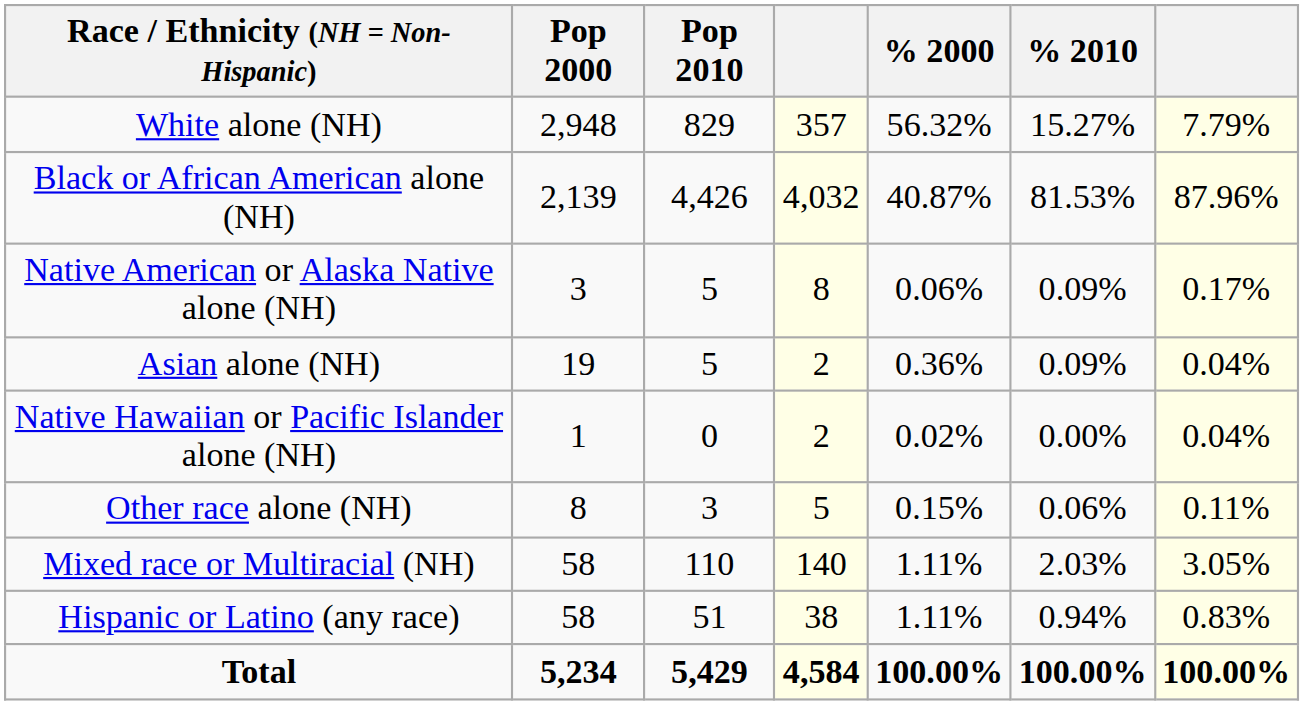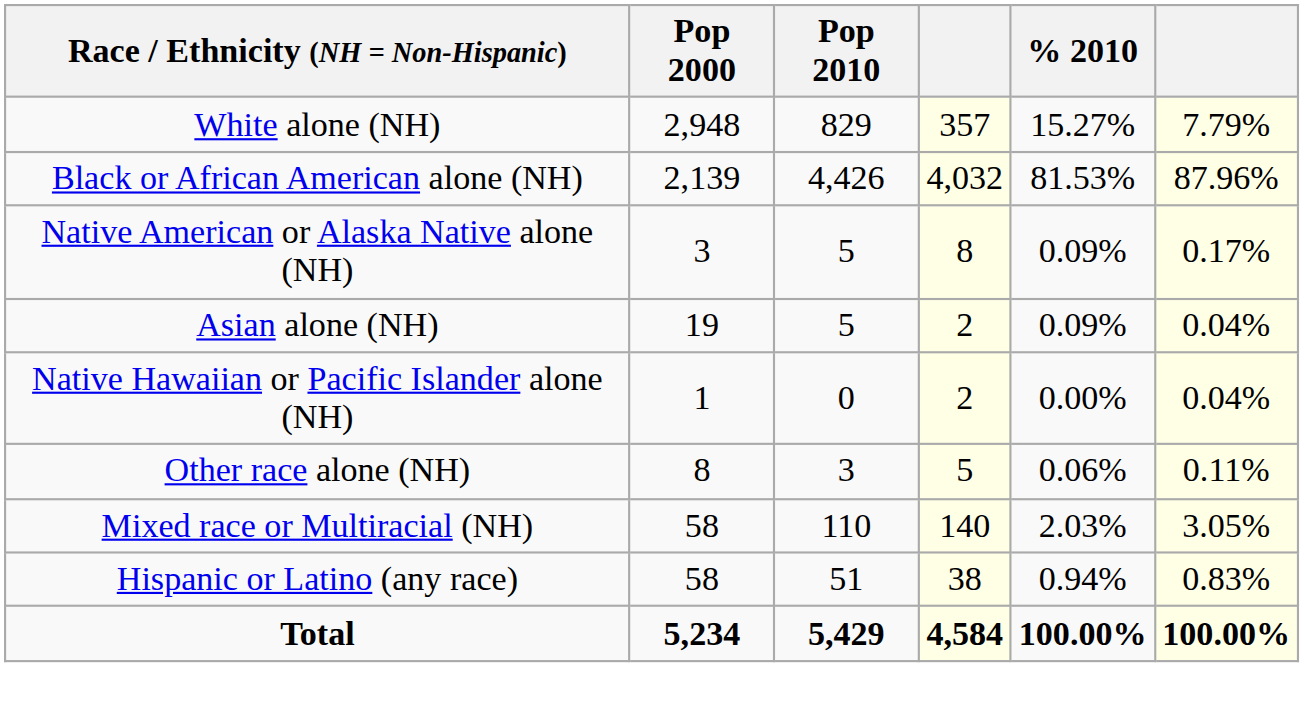 <table class="wikitable" style="text-align:center;">
 <tr>
 <th>Race / Ethnicity <small>(<em>NH = Non-Hispanic</em>)</small></th>
 <th>Pop 2000</th>
 <th>Pop 2010</th>
 <th></th>
-<th>% 2000</th>
 <th>% 2010</th>
 <th></th>
 </tr>
 <tr>
 <td><a href='#'>White</a> alone (NH)</td>
 <td>2,948</td>
 <td>829</td>
 <td style='background: #ffffe6;'>357</td>
-<td>56.32%</td>
 <td>15.27%</td>
 <td style='background: #ffffe6;'>7.79%</td>
 </tr>
 <tr>
 <td><a href='#'>Black or African American</a> alone (NH)</td>
 <td>2,139</td>
 <td>4,426</td>
 <td style='background: #ffffe6;'>4,032</td>
-<td>40.87%</td>
 <td>81.53%</td>
 <td style='background: #ffffe6;'>87.96%</td>
 </tr>
 <tr>
 <td><a href='#'>Native American</a> or <a href='#'>Alaska Native</a> alone (NH)</td>
 <td>3</td>
 <td>5</td>
 <td style='background: #ffffe6;'>8</td>
-<td>0.06%</td>
 <td>0.09%</td>
 <td style='background: #ffffe6;'>0.17%</td>
 </tr>
 <tr>
 <td><a href='#'>Asian</a> alone (NH)</td>
 <td>19</td>
 <td>5</td>
 <td style='background: #ffffe6;'>2</td>
-<td>0.36%</td>
 <td>0.09%</td>
 <td style='background: #ffffe6;'>0.04%</td>
 </tr>
 <tr>
 <td><a href='#'>Native Hawaiian</a> or <a href='#'>Pacific Islander</a> alone (NH)</td>
 <td>1</td>
 <td>0</td>
 <td style='background: #ffffe6;'>2</td>
-<td>0.02%</td>
 <td>0.00%</td>
 <td style='background: #ffffe6;'>0.04%</td>
 </tr>
 <tr>
 <td><a href='#'>Other race</a> alone (NH)</td>
 <td>8</td>
 <td>3</td>
 <td style='background: #ffffe6;'>5</td>
-<td>0.15%</td>
 <td>0.06%</td>
 <td style='background: #ffffe6;'>0.11%</td>
 </tr>
 <tr>
 <td><a href='#'>Mixed race or Multiracial</a> (NH)</td>
 <td>58</td>
 <td>110</td>
 <td style='background: #ffffe6;'>140</td>
-<td>1.11%</td>
 <td>2.03%</td>
 <td style='background: #ffffe6;'>3.05%</td>
 </tr>
 <tr>
 <td><a href='#'>Hispanic or Latino</a> (any race)</td>
 <td>58</td>
 <td>51</td>
 <td style='background: #ffffe6;'>38</td>
-<td>1.11%</td>
 <td>0.94%</td>
 <td style='background: #ffffe6;'>0.83%</td>
 </tr>
 <tr>
 <td><strong>Total</strong></td>
 <td><strong>5,234</strong></td>
 <td><strong>5,429</strong></td>
 <td style='background: #ffffe6;'><strong>4,584</strong></td>
 <td><strong>100.00%</strong></td>
-<td><strong>100.00%</strong></td>
 <td style='background: #ffffe6;'><strong>100.00%</strong></td>
 </tr>
 </table>
